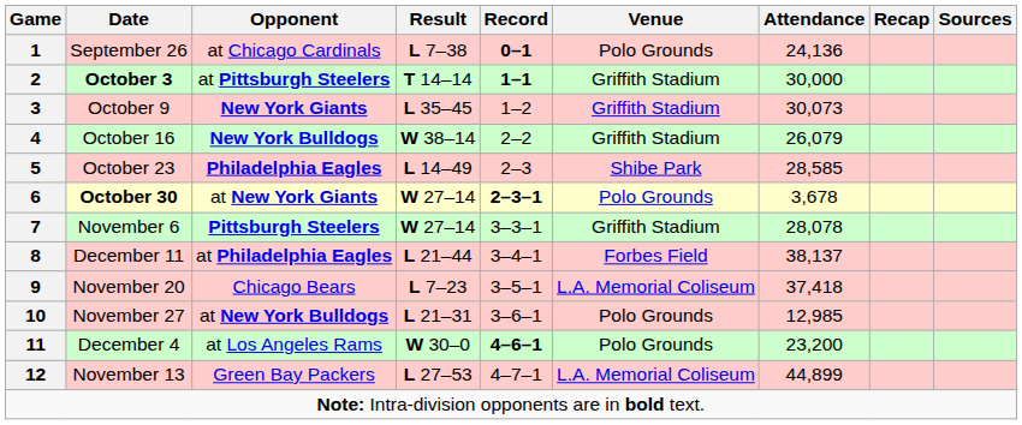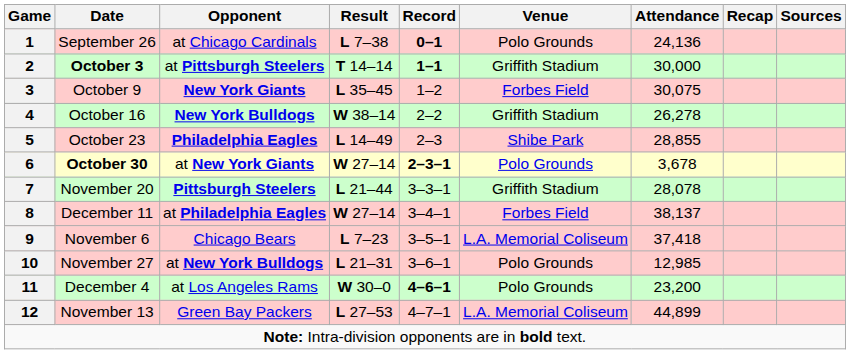 <table class="wikitable" style="text-align:center">
 <tr>
 <th>Game</th>
 <th>Date</th>
 <th>Opponent</th>
 <th>Result</th>
 <th>Record</th>
 <th>Venue</th>
 <th>Attendance</th>
 <th>Recap</th>
 <th>Sources</th>
 </tr>
 <tr style="background:#fcc">
 <th>1</th>
 <td>September 26</td>
 <td>at <a href='#'>Chicago Cardinals</a></td>
 <td><strong>L</strong> 7–38</td>
 <td><strong>0–1</strong></td>
 <td>Polo Grounds</td>
 <td>24,136</td>
 <td></td>
 <td></td>
 </tr>
 <tr style="background:#cfc">
 <th>2</th>
 <td><strong>October 3</strong></td>
 <td>at <strong><a href='#'>Pittsburgh Steelers</a></strong></td>
 <td><strong>T</strong> 14–14</td>
 <td><strong>1–1</strong></td>
 <td>Griffith Stadium</td>
 <td>30,000</td>
 <td></td>
 <td></td>
 </tr>
 <tr style="background:#fcc">
 <th>3</th>
 <td>October 9</td>
 <td><strong><a href='#'>New York Giants</a></strong></td>
 <td><strong>L</strong> 35–45</td>
 <td>1–2</td>
-<td><a href='#'>Griffith Stadium</a></td>
-<td>30,073</td>
+<td><a href='#'>Forbes Field</a></td>
+<td>30,075</td>
 <td></td>
 <td></td>
 </tr>
 <tr style="background:#cfc">
 <th>4</th>
 <td>October 16</td>
 <td><strong><a href='#'>New York Bulldogs</a></strong></td>
 <td><strong>W</strong> 38–14</td>
 <td>2–2</td>
 <td>Griffith Stadium</td>
-<td>26,079</td>
+<td>26,278</td>
 <td></td>
 <td></td>
 </tr>
 <tr style="background:#fcc">
 <th>5</th>
 <td>October 23</td>
 <td><strong><a href='#'>Philadelphia Eagles</a></strong></td>
 <td><strong>L</strong> 14–49</td>
 <td>2–3</td>
 <td><a href='#'>Shibe Park</a></td>
-<td>28,585</td>
+<td>28,855</td>
 <td></td>
 <td></td>
 </tr>
 <tr style="background:#ffc">
 <th>6</th>
 <td><strong>October 30</strong></td>
 <td>at <strong><a href='#'>New York Giants</a></strong></td>
 <td><strong>W</strong> 27–14</td>
 <td><strong>2–3–1</strong></td>
 <td><a href='#'>Polo Grounds</a></td>
 <td>3,678</td>
 <td></td>
 <td></td>
 </tr>
 <tr style="background:#cfc">
 <th>7</th>
-<td>November 6</td>
+<td>November 20</td>
 <td><strong><a href='#'>Pittsburgh Steelers</a></strong></td>
-<td><strong>W</strong> 27–14</td>
+<td><strong>L</strong> 21–44</td>
 <td>3–3–1</td>
 <td>Griffith Stadium</td>
 <td>28,078</td>
 <td></td>
 <td></td>
 </tr>
 <tr style="background:#fcc">
 <th>8</th>
 <td>December 11</td>
 <td>at <strong><a href='#'>Philadelphia Eagles</a></strong></td>
-<td><strong>L</strong> 21–44</td>
+<td><strong>W</strong> 27–14</td>
 <td>3–4–1</td>
 <td><a href='#'>Forbes Field</a></td>
 <td>38,137</td>
 <td></td>
 <td></td>
 </tr>
 <tr style="background:#fcc">
 <th>9</th>
-<td>November 20</td>
+<td>November 6</td>
 <td><a href='#'>Chicago Bears</a></td>
 <td><strong>L</strong> 7–23</td>
 <td>3–5–1</td>
 <td><a href='#'>L.A. Memorial Coliseum</a></td>
 <td>37,418</td>
 <td></td>
 <td></td>
 </tr>
 <tr style="background:#fcc">
 <th>10</th>
 <td>November 27</td>
 <td>at <strong><a href='#'>New York Bulldogs</a></strong></td>
 <td><strong>L</strong> 21–31</td>
 <td>3–6–1</td>
 <td>Polo Grounds</td>
 <td>12,985</td>
 <td></td>
 <td></td>
 </tr>
 <tr style="background:#cfc">
 <th>11</th>
 <td>December 4</td>
 <td>at <a href='#'>Los Angeles Rams</a></td>
 <td><strong>W</strong> 30–0</td>
 <td><strong>4–6–1</strong></td>
 <td>Polo Grounds</td>
 <td>23,200</td>
 <td></td>
 <td></td>
 </tr>
 <tr style="background:#fcc">
 <th>12</th>
 <td>November 13</td>
 <td><a href='#'>Green Bay Packers</a></td>
 <td><strong>L</strong> 27–53</td>
 <td>4–7–1</td>
 <td><a href='#'>L.A. Memorial Coliseum</a></td>
 <td>44,899</td>
 <td></td>
 <td></td>
 </tr>
 <tr>
 <td colspan="10"><strong>Note:</strong> Intra-division opponents are in <strong>bold</strong> text.</td>
 </tr>
 </table>
